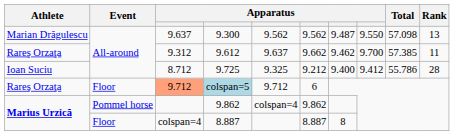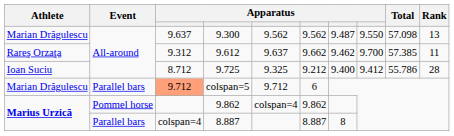 <table class="wikitable" style="font-size:90%">
 <tr>
 <th rowspan=2>Athlete</th>
 <th rowspan=2>Event</th>
 <th colspan =6>Apparatus</th>
 <th rowspan=2>Total</th>
 <th rowspan=2>Rank</th>
 </tr>
 <tr style="font-size:95%">
 <th></th>
 <th></th>
 <th></th>
 <th></th>
 <th></th>
 <th></th>
 </tr>
 <tr align=center>
 <td align=left><a href='#'>Marian Drăgulescu</a></td>
 <td align=left rowspan=3><a href='#'>All-around</a></td>
 <td>9.637</td>
 <td>9.300</td>
 <td>9.562</td>
 <td>9.562</td>
 <td>9.487</td>
 <td>9.550</td>
 <td>57.098</td>
 <td>13</td>
 </tr>
 <tr align=center>
 <td align=left><a href='#'>Rareş Orzaţa</a></td>
 <td>9.312</td>
 <td>9.612</td>
 <td>9.637</td>
 <td>9.662</td>
 <td>9.462</td>
 <td>9.700</td>
 <td>57.385</td>
 <td>11</td>
 </tr>
 <tr align=center>
 <td align=left><a href='#'>Ioan Suciu</a></td>
 <td>8.712</td>
 <td>9.725</td>
 <td>9.325</td>
 <td>9.212</td>
 <td>9.400</td>
 <td>9.412</td>
 <td>55.786</td>
 <td>28</td>
 </tr>
 <tr align=center>
-<td align=left><a href='#'>Rareş Orzaţa</a></td>
-<td align=left><a href='#'>Floor</a></td>
+<td align=left><a href='#'>Marian Drăgulescu</a></td>
+<td align=left><a href='#'>Parallel bars</a></td>
 <td style="background: lightsalmon;">9.712</td>
-<td style="background: lightblue;">colspan=5 </td>
+<td>colspan=5 </td>
 <td>9.712</td>
 <td>6</td>
 </tr>
 <tr align=center>
 <td align=left rowspan=2><strong><a href='#'>Marius Urzică</a></strong></td>
 <td align=left><a href='#'>Pommel horse</a></td>
 <td></td>
 <td>9.862</td>
 <td>colspan=4 </td>
 <td>9.862</td>
 <td></td>
 </tr>
 <tr align=center>
-<td align=left><a href='#'>Floor</a></td>
+<td align=left><a href='#'>Parallel bars</a></td>
 <td>colspan=4 </td>
 <td>8.887</td>
 <td></td>
 <td>8.887</td>
 <td>8</td>
 </tr>
 </table>
